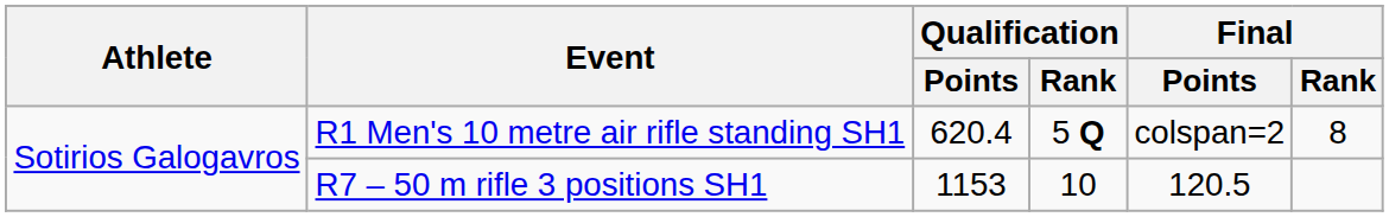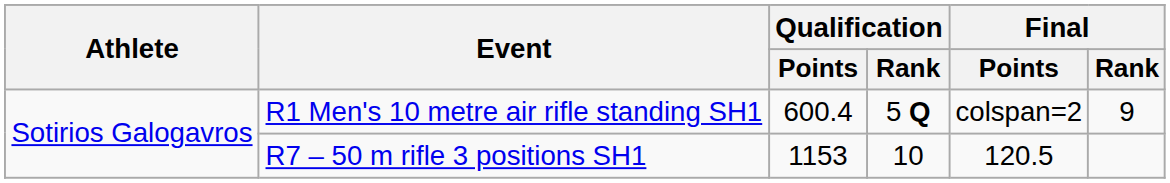 <table class="wikitable" style="font-size:90%">
 <tr>
 <th rowspan="2">Athlete</th>
 <th rowspan="2">Event</th>
 <th colspan="2">Qualification</th>
 <th colspan="2">Final</th>
 </tr>
 <tr style="font-size:95%">
 <th>Points</th>
 <th>Rank</th>
 <th>Points</th>
 <th>Rank</th>
 </tr>
 <tr align=center>
 <td align=left rowspan=2><a href='#'>Sotirios Galogavros</a></td>
 <td align=left><a href='#'>R1 Men's 10 metre air rifle standing SH1</a></td>
-<td>620.4</td>
+<td>600.4</td>
 <td>5 <strong>Q</strong></td>
 <td>colspan=2 </td>
-<td>8</td>
+<td>9</td>
 </tr>
 <tr align=center>
 <td align=left><a href='#'>R7 – 50 m rifle 3 positions SH1</a></td>
 <td>1153</td>
 <td>10</td>
 <td>120.5</td>
 </tr>
 </table>
